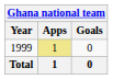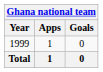 <table class="wikitable" style="text-align:center">
 <tr>
 <th colspan=3><a href='#'>Ghana national team</a></th>
 </tr>
 <tr>
 <th>Year</th>
 <th>Apps</th>
 <th>Goals</th>
 </tr>
 <tr>
 <td>1999</td>
-<td style="background: khaki;">1</td>
+<td>1</td>
 <td>0</td>
 </tr>
 <tr>
 <th>Total</th>
 <th>1</th>
 <th>0</th>
 </tr>
 </table>
